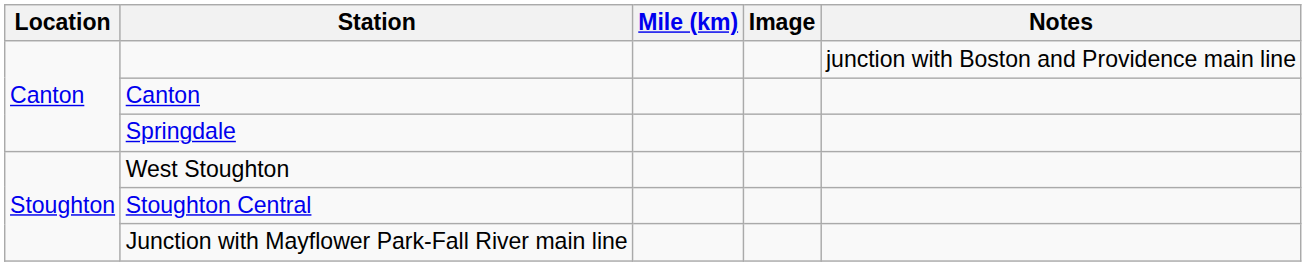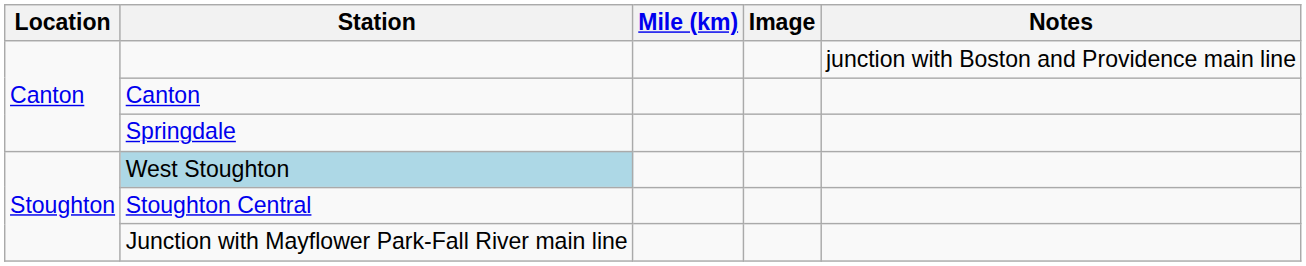 <table class="wikitable">
 <tr>
 <th>Location</th>
 <th>Station</th>
 <th><a href='#'>Mile (km)</a></th>
 <th>Image</th>
 <th>Notes</th>
 </tr>
 <tr>
 <td rowspan=3><a href='#'>Canton</a></td>
 <td></td>
 <td></td>
 <td></td>
 <td>junction with Boston and Providence main line</td>
 </tr>
 <tr>
 <td><a href='#'>Canton</a></td>
 <td></td>
 <td></td>
 <td></td>
 </tr>
 <tr>
 <td><a href='#'>Springdale</a></td>
 <td></td>
 <td></td>
 <td></td>
 </tr>
 <tr>
 <td rowspan=3><a href='#'>Stoughton</a></td>
-<td>West Stoughton</td>
+<td style="background: lightblue;">West Stoughton</td>
 <td></td>
 <td></td>
 <td></td>
 </tr>
 <tr>
 <td><a href='#'>Stoughton Central</a></td>
 <td></td>
 <td></td>
 <td></td>
 </tr>
 <tr>
 <td>Junction with Mayflower Park-Fall River main line</td>
 <td></td>
 <td></td>
 <td></td>
 </tr>
 </table>
